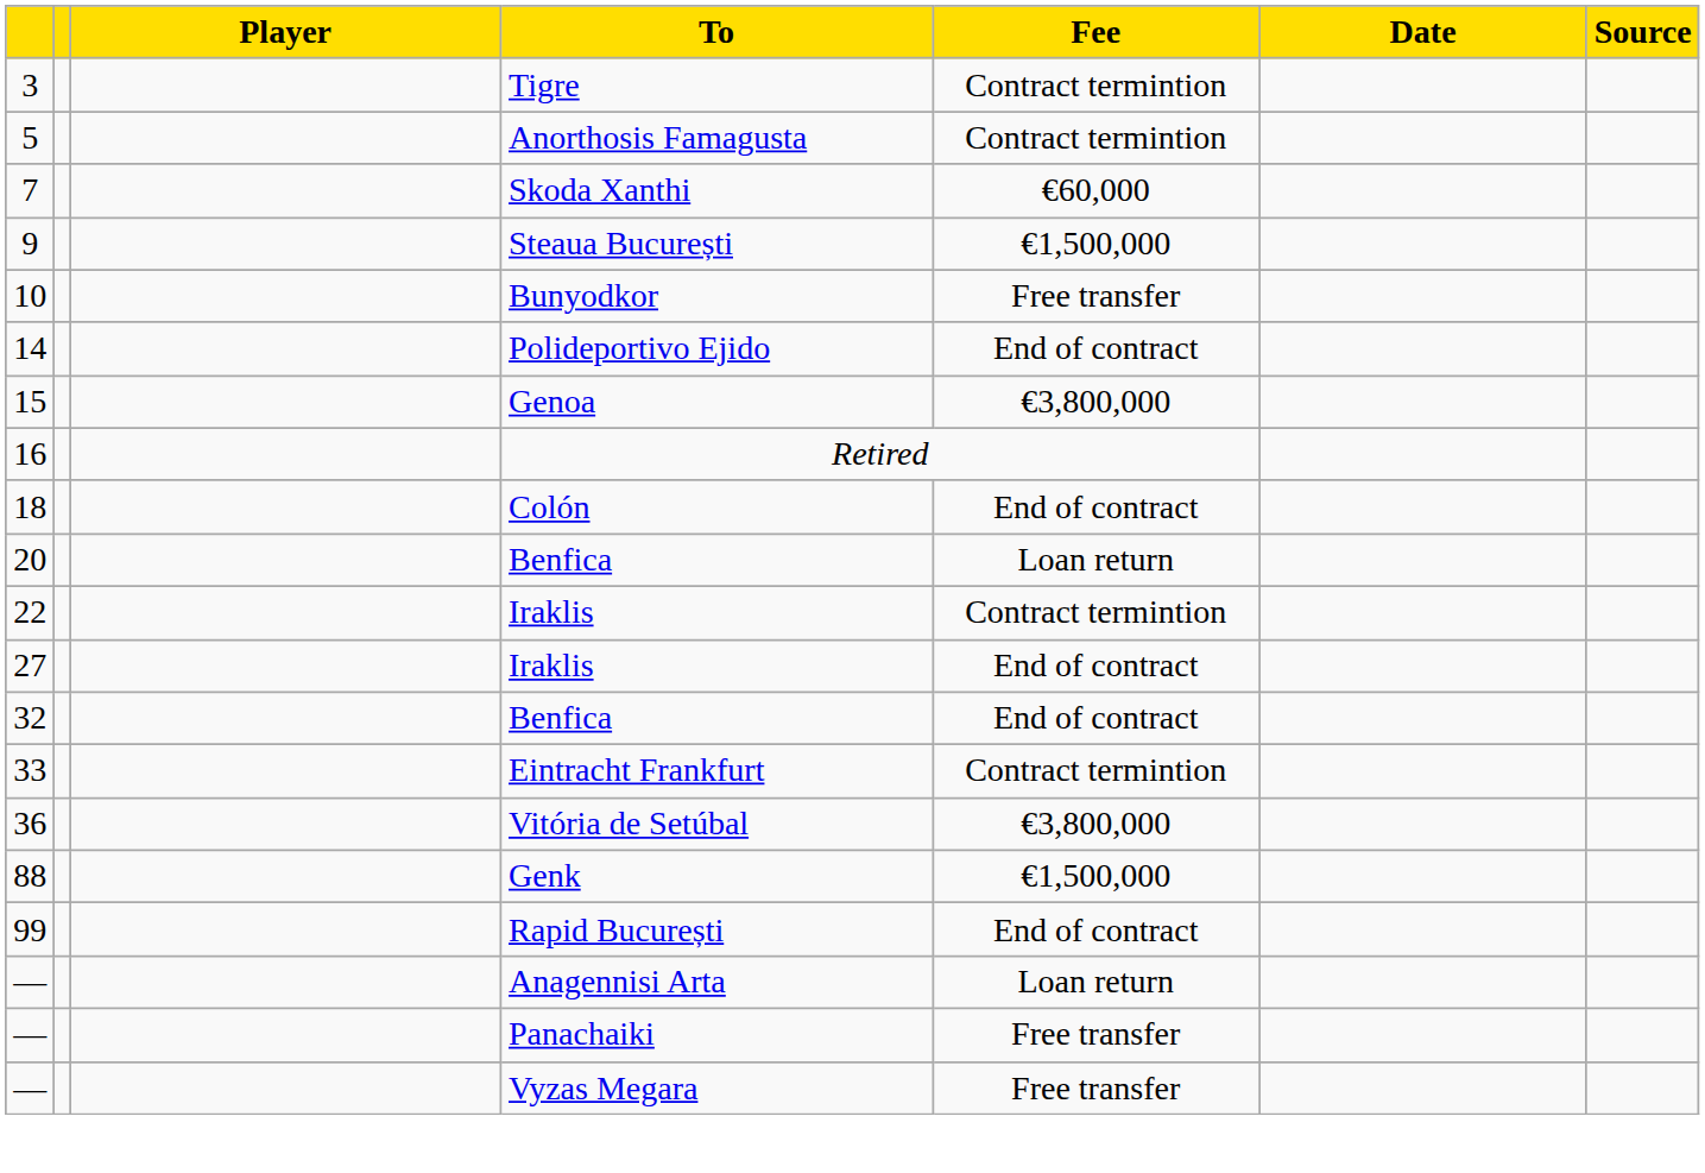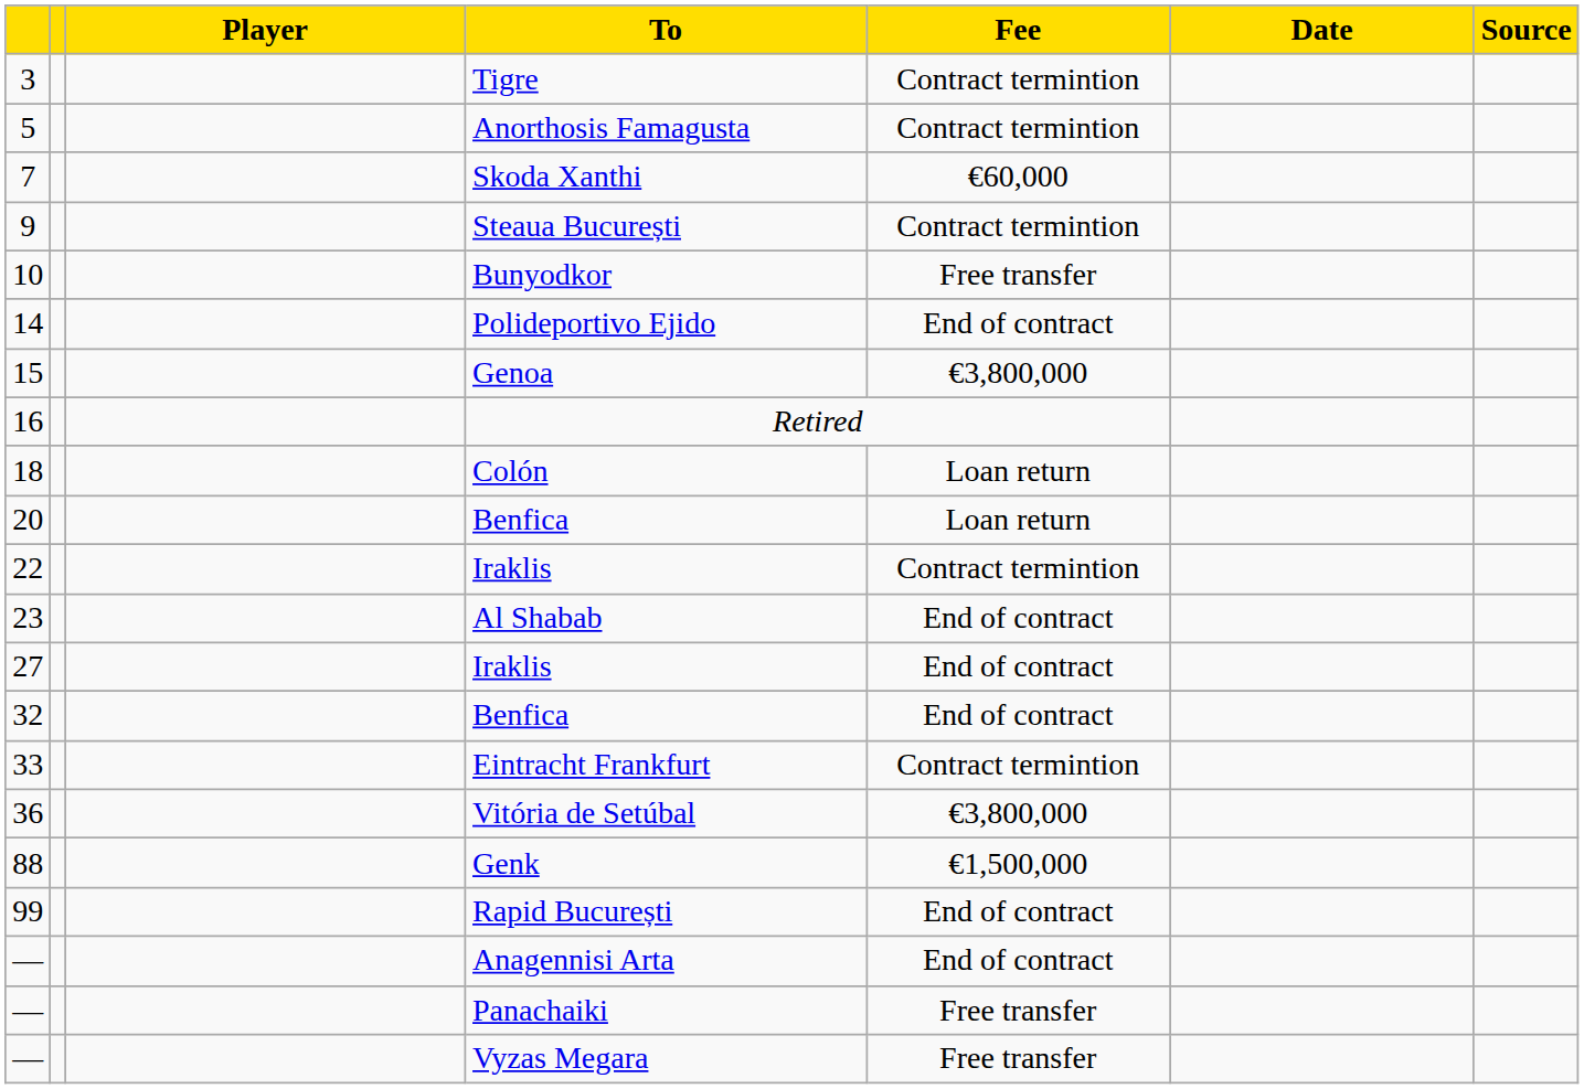 <table class="wikitable sortable">
 <tr>
 <th style="background:#FFDE00"></th>
 <th style="background:#FFDE00"></th>
 <th width=200 style="background:#FFDE00">Player</th>
 <th width=200 style="background:#FFDE00">To</th>
 <th width=150 style="background:#FFDE00">Fee</th>
 <th width=150 style="background:#FFDE00">Date</th>
 <th style="background:#FFDE00">Source</th>
 </tr>
 <tr>
 <td align=center>3</td>
 <td align=center></td>
 <td></td>
 <td> <a href='#'>Tigre</a></td>
 <td align=center>Contract termintion</td>
 <td align=center></td>
 <td align=center></td>
 </tr>
 <tr>
 <td align=center>5</td>
 <td align=center></td>
 <td></td>
 <td> <a href='#'>Anorthosis Famagusta</a></td>
 <td align=center>Contract termintion</td>
 <td align=center></td>
 <td align=center></td>
 </tr>
 <tr>
 <td align=center>7</td>
 <td align=center></td>
 <td></td>
 <td> <a href='#'>Skoda Xanthi</a></td>
 <td align=center>€60,000</td>
 <td align=center></td>
 <td align=center></td>
 </tr>
 <tr>
 <td align=center>9</td>
 <td align=center></td>
 <td></td>
 <td> <a href='#'>Steaua București</a></td>
-<td align=center>€1,500,000</td>
+<td align=center>Contract termintion</td>
 <td align=center></td>
 <td align=center></td>
 </tr>
 <tr>
 <td align=center>10</td>
 <td align=center></td>
 <td></td>
 <td> <a href='#'>Bunyodkor</a></td>
 <td align=center>Free transfer</td>
 <td align=center></td>
 <td align=center></td>
 </tr>
 <tr>
 <td align=center>14</td>
 <td align=center></td>
 <td></td>
 <td> <a href='#'>Polideportivo Ejido</a></td>
 <td align=center>End of contract</td>
 <td align=center></td>
 <td align=center></td>
 </tr>
 <tr>
 <td align=center>15</td>
 <td align=center></td>
 <td></td>
 <td> <a href='#'>Genoa</a></td>
 <td align=center>€3,800,000</td>
 <td align=center></td>
 <td align=center></td>
 </tr>
 <tr>
 <td align=center>16</td>
 <td align=center></td>
 <td></td>
 <td align=center colspan=2><em>Retired</em></td>
 <td align=center></td>
 <td align=center></td>
 </tr>
 <tr>
 <td align=center>18</td>
 <td align=center></td>
 <td></td>
 <td> <a href='#'>Colón</a></td>
-<td align=center>End of contract</td>
+<td align=center>Loan return</td>
 <td align=center></td>
 <td align=center></td>
 </tr>
 <tr>
 <td align=center>20</td>
 <td align=center></td>
 <td></td>
 <td> <a href='#'>Benfica</a></td>
 <td align=center>Loan return</td>
 <td align=center></td>
 <td align=center></td>
 </tr>
 <tr>
 <td align=center>22</td>
 <td align=center></td>
 <td></td>
 <td> <a href='#'>Iraklis</a></td>
 <td align=center>Contract termintion</td>
+<td align=center></td>
+<td align=center></td>
+</tr>
+<tr>
+<td align=center>23</td>
+<td align=center></td>
+<td></td>
+<td> <a href='#'>Al Shabab</a></td>
+<td align=center>End of contract</td>
 <td align=center></td>
 <td align=center></td>
 </tr>
 <tr>
 <td align=center>27</td>
 <td align=center></td>
 <td></td>
 <td> <a href='#'>Iraklis</a></td>
 <td align=center>End of contract</td>
 <td align=center></td>
 <td align=center></td>
 </tr>
 <tr>
 <td align=center>32</td>
 <td align=center></td>
 <td></td>
 <td> <a href='#'>Benfica</a></td>
 <td align=center>End of contract</td>
 <td align=center></td>
 <td align=center></td>
 </tr>
 <tr>
 <td align=center>33</td>
 <td align=center></td>
 <td></td>
 <td> <a href='#'>Eintracht Frankfurt</a></td>
 <td align=center>Contract termintion</td>
 <td align=center></td>
 <td align=center></td>
 </tr>
 <tr>
 <td align=center>36</td>
 <td align=center></td>
 <td></td>
 <td> <a href='#'>Vitória de Setúbal</a></td>
 <td align=center>€3,800,000</td>
 <td align=center></td>
 <td align=center></td>
 </tr>
 <tr>
 <td align=center>88</td>
 <td align=center></td>
 <td></td>
 <td> <a href='#'>Genk</a></td>
 <td align=center>€1,500,000</td>
 <td align=center></td>
 <td align=center></td>
 </tr>
 <tr>
 <td align=center>99</td>
 <td align=center></td>
 <td></td>
 <td> <a href='#'>Rapid București</a></td>
 <td align=center>End of contract</td>
 <td align=center></td>
 <td align=center></td>
 </tr>
 <tr>
 <td align=center>—</td>
 <td align=center></td>
 <td></td>
 <td> <a href='#'>Anagennisi Arta</a></td>
-<td align=center>Loan return</td>
+<td align=center>End of contract</td>
 <td align=center></td>
 <td align=center></td>
 </tr>
 <tr>
 <td align=center>—</td>
 <td align=center></td>
 <td></td>
 <td> <a href='#'>Panachaiki</a></td>
 <td align=center>Free transfer</td>
 <td align=center></td>
 <td align=center></td>
 </tr>
 <tr>
 <td align=center>—</td>
 <td align=center></td>
 <td></td>
 <td> <a href='#'>Vyzas Megara</a></td>
 <td align=center>Free transfer</td>
 <td align=center></td>
 <td align=center></td>
 </tr>
 </table>
